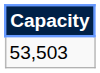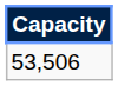 <table class="wikitable" style="float:left; margin-right:1em">
 <tr>
 <th scope="row" style="background: #002147; color: white; border: 2px solid #6699FF;">Capacity</th>
 </tr>
 <tr>
-<td>53,503</td>
+<td>53,506</td>
 </tr>
 </table>
